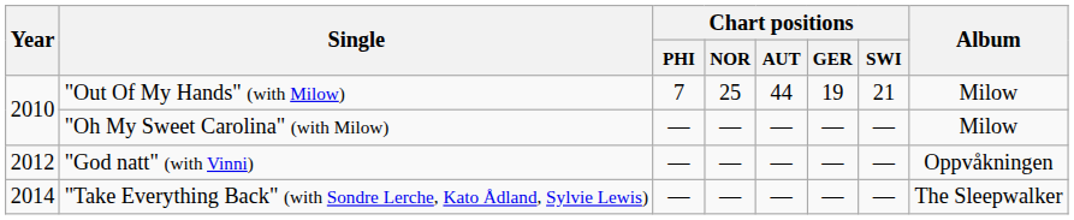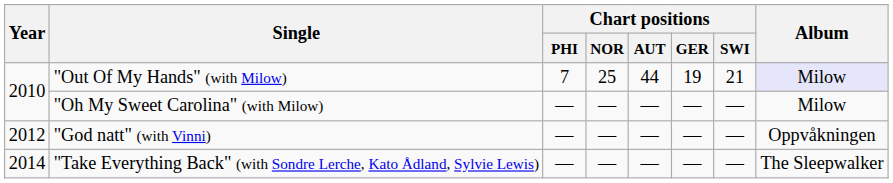 <table class="wikitable">
 <tr>
 <th rowspan="2">Year</th>
 <th rowspan="2">Single</th>
 <th colspan="5">Chart positions</th>
 <th rowspan="2">Album</th>
 </tr>
 <tr>
 <th width="30"><small>PHI</small></th>
 <th width="30"><small>NOR</small></th>
 <th width="30"><small>AUT</small></th>
 <th width="30"><small>GER</small></th>
 <th width="30"><small>SWI</small></th>
 </tr>
 <tr>
 <td align="center" rowspan="2">2010</td>
 <td>"Out Of My Hands" <small>(with <a href='#'>Milow</a>)</small></td>
 <td align="center">7</td>
 <td align="center">25</td>
 <td align="center">44</td>
 <td align="center">19</td>
 <td align="center">21</td>
-<td align="center">Milow</td>
+<td align="center" style="background: lavender;">Milow</td>
 </tr>
 <tr>
 <td>"Oh My Sweet Carolina" <small>(with Milow)</small></td>
 <td align="center">—</td>
 <td align="center">—</td>
 <td align="center">—</td>
 <td align="center">—</td>
 <td align="center">—</td>
 <td align="center">Milow</td>
 </tr>
 <tr>
 <td>2012</td>
 <td>"God natt" <small>(with <a href='#'>Vinni</a>)</small></td>
 <td align="center">—</td>
 <td align="center">—</td>
 <td align="center">—</td>
 <td align="center">—</td>
 <td align="center">—</td>
 <td align="center">Oppvåkningen</td>
 </tr>
 <tr>
 <td>2014</td>
 <td>"Take Everything Back" <small>(with <a href='#'>Sondre Lerche</a>, <a href='#'>Kato Ådland</a>, <a href='#'>Sylvie Lewis</a>)</small></td>
 <td align="center">—</td>
 <td align="center">—</td>
 <td align="center">—</td>
 <td align="center">—</td>
 <td align="center">—</td>
 <td align="center">The Sleepwalker</td>
 </tr>
 </table>
